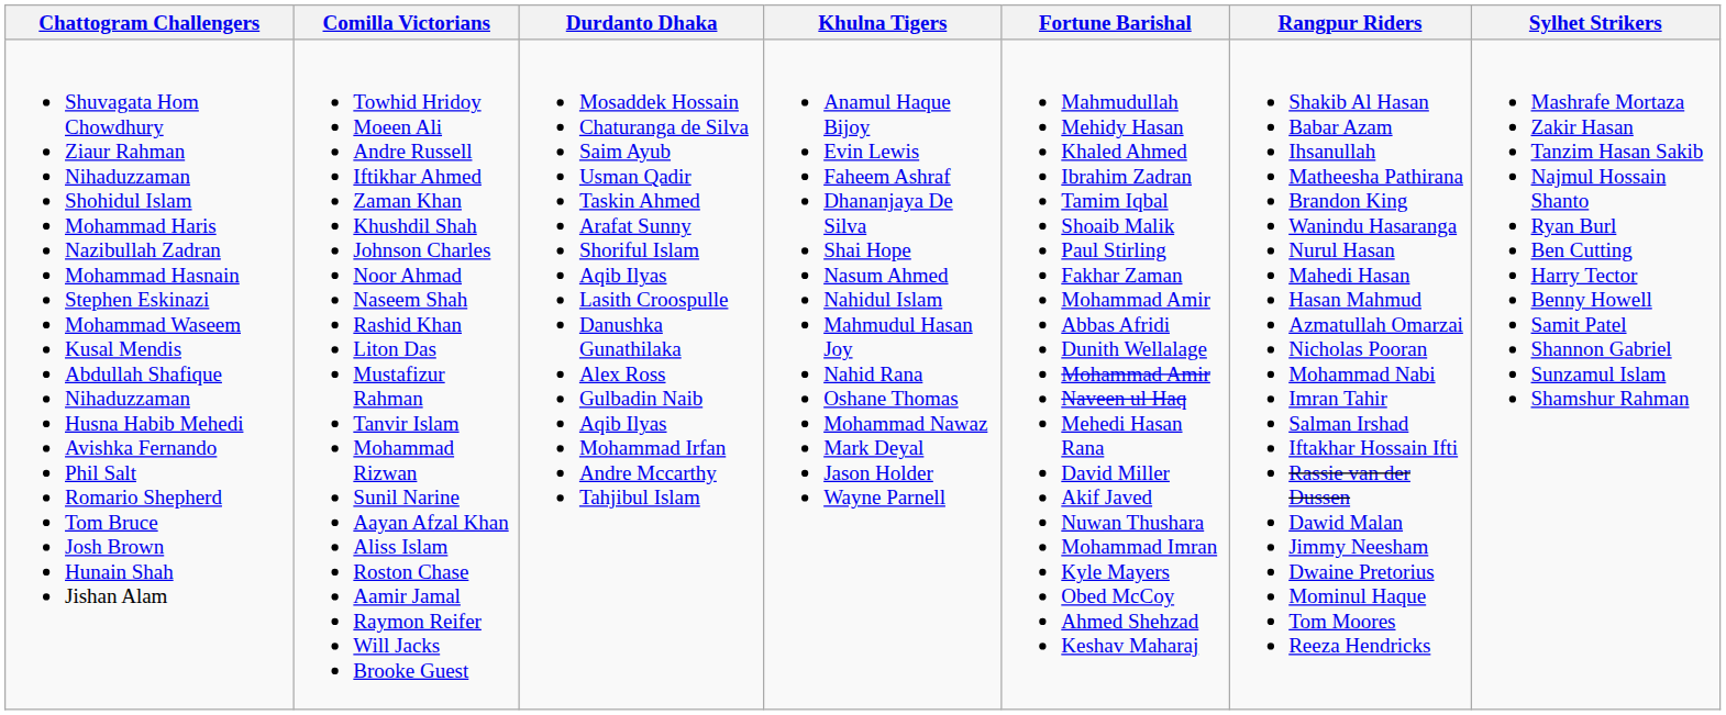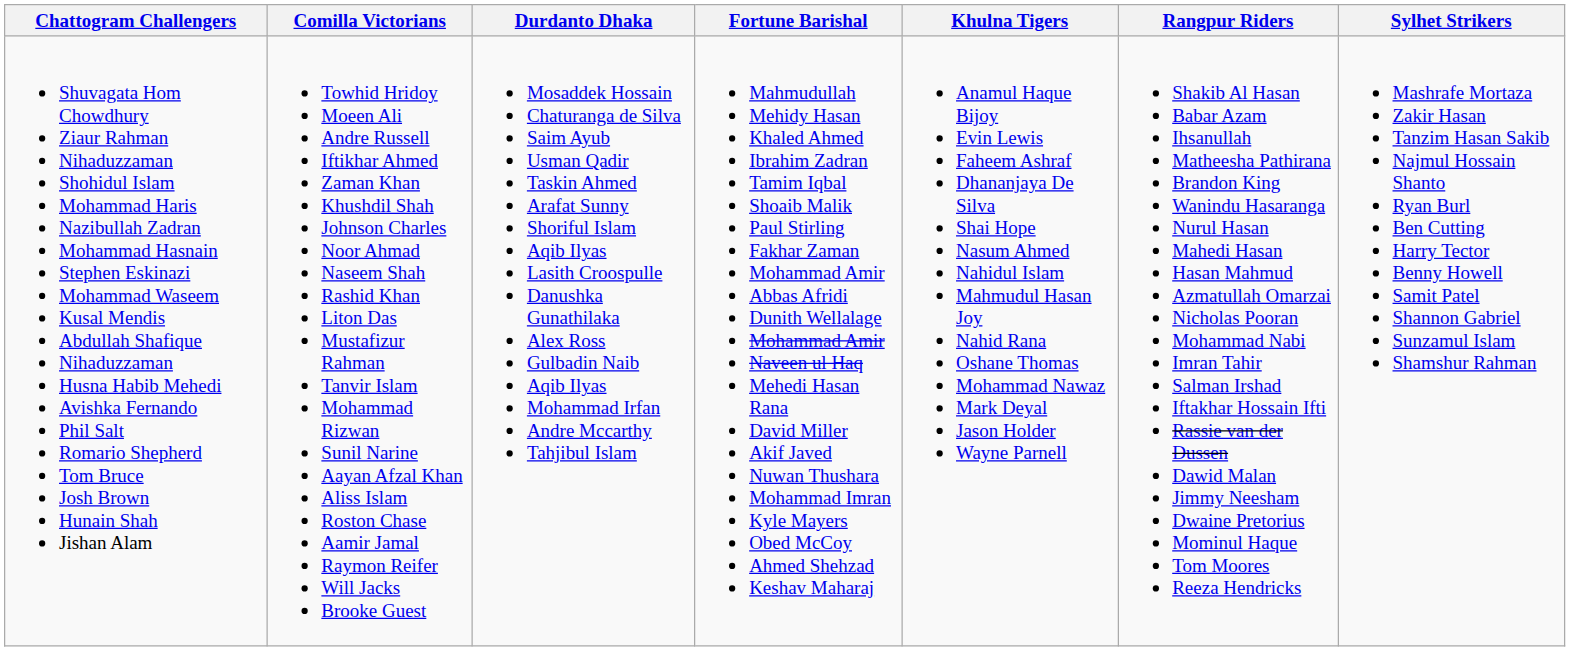 <table class="wikitable" Style="font-size:95%;">
 <tr>
 <th><a href='#'>Chattogram Challengers</a></th>
 <th><a href='#'>Comilla Victorians</a></th>
 <th><a href='#'>Durdanto Dhaka</a></th>
+<th><a href='#'>Fortune Barishal</a></th>
 <th><a href='#'>Khulna Tigers</a></th>
-<th><a href='#'>Fortune Barishal</a></th>
 <th><a href='#'>Rangpur Riders</a></th>
 <th><a href='#'>Sylhet Strikers</a></th>
 </tr>
 <tr>
 <td valign=top><br><ul><li><a href='#'>Shuvagata Hom Chowdhury </a></li><li><a href='#'>Ziaur Rahman</a></li><li><a href='#'>Nihaduzzaman</a></li><li><a href='#'>Shohidul Islam</a></li><li><a href='#'>Mohammad Haris</a></li><li><a href='#'>Nazibullah Zadran</a></li><li><a href='#'>Mohammad Hasnain</a></li><li><a href='#'>Stephen Eskinazi</a></li><li><a href='#'>Mohammad Waseem</a></li><li><a href='#'>Kusal Mendis</a></li><li><a href='#'>Abdullah Shafique</a></li><li><a href='#'>Nihaduzzaman</a></li><li><a href='#'>Husna Habib Mehedi</a></li><li><a href='#'>Avishka Fernando</a></li><li><a href='#'>Phil Salt</a></li><li><a href='#'>Romario Shepherd</a></li><li><a href='#'>Tom Bruce</a></li><li><a href='#'>Josh Brown</a></li><li><a href='#'>Hunain Shah</a></li><li>Jishan Alam</li></ul></td>
 <td valign=top><br><ul><li><a href='#'>Towhid Hridoy</a></li><li><a href='#'>Moeen Ali</a></li><li><a href='#'>Andre Russell</a></li><li><a href='#'>Iftikhar Ahmed</a></li><li><a href='#'>Zaman Khan</a></li><li><a href='#'>Khushdil Shah</a></li><li><a href='#'>Johnson Charles</a></li><li><a href='#'>Noor Ahmad</a></li><li><a href='#'>Naseem Shah</a></li><li><a href='#'>Rashid Khan</a></li><li><a href='#'>Liton Das</a></li><li><a href='#'>Mustafizur Rahman</a></li><li><a href='#'>Tanvir Islam</a></li><li><a href='#'>Mohammad Rizwan</a></li><li><a href='#'>Sunil Narine</a></li><li><a href='#'>Aayan Afzal Khan</a></li><li><a href='#'>Aliss Islam</a></li><li><a href='#'>Roston Chase</a></li><li><a href='#'>Aamir Jamal</a></li><li><a href='#'>Raymon Reifer</a></li><li><a href='#'>Will Jacks</a></li><li><a href='#'>Brooke Guest</a></li></ul></td>
 <td valign=top><br><ul><li><a href='#'>Mosaddek Hossain</a></li><li><a href='#'>Chaturanga de Silva</a></li><li><a href='#'>Saim Ayub</a></li><li><a href='#'>Usman Qadir</a></li><li><a href='#'>Taskin Ahmed</a></li><li><a href='#'>Arafat Sunny</a></li><li><a href='#'>Shoriful Islam</a></li><li><a href='#'>Aqib Ilyas</a></li><li><a href='#'>Lasith Croospulle</a></li><li><a href='#'>Danushka Gunathilaka</a></li><li><a href='#'>Alex Ross</a></li><li><a href='#'>Gulbadin Naib</a></li><li><a href='#'>Aqib Ilyas</a></li><li><a href='#'>Mohammad Irfan</a></li><li><a href='#'>Andre Mccarthy</a></li><li><a href='#'>Tahjibul Islam</a></li></ul></td>
+<td valign=top><br><ul><li><a href='#'>Mahmudullah</a></li><li><a href='#'>Mehidy Hasan</a></li><li><a href='#'>Khaled Ahmed</a></li><li><a href='#'>Ibrahim Zadran</a></li><li><a href='#'>Tamim Iqbal</a></li><li><a href='#'>Shoaib Malik</a></li><li><a href='#'>Paul Stirling</a></li><li><a href='#'>Fakhar Zaman</a></li><li><a href='#'>Mohammad Amir</a></li><li><a href='#'>Abbas Afridi</a></li><li><a href='#'>Dunith Wellalage</a></li><li><a href='#'><s>Mohammad Amir</s></a></li><li><a href='#'><s>Naveen ul Haq</s></a></li><li><a href='#'>Mehedi Hasan Rana</a></li><li><a href='#'>David Miller</a></li><li><a href='#'>Akif Javed</a></li><li><a href='#'>Nuwan Thushara</a></li><li><a href='#'>Mohammad Imran</a></li><li><a href='#'>Kyle Mayers</a></li><li><a href='#'>Obed McCoy</a></li><li><a href='#'>Ahmed Shehzad</a></li><li><a href='#'>Keshav Maharaj</a></li></ul></td>
 <td valign=top><br><ul><li><a href='#'>Anamul Haque Bijoy</a></li><li><a href='#'>Evin Lewis</a></li><li><a href='#'>Faheem Ashraf</a></li><li><a href='#'>Dhananjaya De Silva</a></li><li><a href='#'>Shai Hope</a></li><li><a href='#'>Nasum Ahmed</a></li><li><a href='#'>Nahidul Islam</a></li><li><a href='#'>Mahmudul Hasan Joy</a></li><li><a href='#'>Nahid Rana</a></li><li><a href='#'>Oshane Thomas</a></li><li><a href='#'>Mohammad Nawaz</a></li><li><a href='#'>Mark Deyal</a></li><li><a href='#'>Jason Holder</a></li><li><a href='#'>Wayne Parnell</a></li></ul></td>
-<td valign=top><br><ul><li><a href='#'>Mahmudullah</a></li><li><a href='#'>Mehidy Hasan</a></li><li><a href='#'>Khaled Ahmed</a></li><li><a href='#'>Ibrahim Zadran</a></li><li><a href='#'>Tamim Iqbal</a></li><li><a href='#'>Shoaib Malik</a></li><li><a href='#'>Paul Stirling</a></li><li><a href='#'>Fakhar Zaman</a></li><li><a href='#'>Mohammad Amir</a></li><li><a href='#'>Abbas Afridi</a></li><li><a href='#'>Dunith Wellalage</a></li><li><a href='#'><s>Mohammad Amir</s></a></li><li><a href='#'><s>Naveen ul Haq</s></a></li><li><a href='#'>Mehedi Hasan Rana</a></li><li><a href='#'>David Miller</a></li><li><a href='#'>Akif Javed</a></li><li><a href='#'>Nuwan Thushara</a></li><li><a href='#'>Mohammad Imran</a></li><li><a href='#'>Kyle Mayers</a></li><li><a href='#'>Obed McCoy</a></li><li><a href='#'>Ahmed Shehzad</a></li><li><a href='#'>Keshav Maharaj</a></li></ul></td>
 <td valign=top><br><ul><li><a href='#'>Shakib Al Hasan</a></li><li><a href='#'>Babar Azam</a></li><li><a href='#'>Ihsanullah</a></li><li><a href='#'>Matheesha Pathirana</a></li><li><a href='#'>Brandon King</a></li><li><a href='#'>Wanindu Hasaranga</a></li><li><a href='#'>Nurul Hasan</a></li><li><a href='#'>Mahedi Hasan</a></li><li><a href='#'>Hasan Mahmud</a></li><li><a href='#'>Azmatullah Omarzai</a></li><li><a href='#'>Nicholas Pooran</a></li><li><a href='#'>Mohammad Nabi</a></li><li><a href='#'>Imran Tahir</a></li><li><a href='#'>Salman Irshad</a></li><li><a href='#'>Iftakhar Hossain Ifti</a></li><li><s><a href='#'>Rassie van der Dussen</a></s></li><li><a href='#'>Dawid Malan</a></li><li><a href='#'>Jimmy Neesham</a></li><li><a href='#'>Dwaine Pretorius</a></li><li><a href='#'>Mominul Haque</a></li><li><a href='#'>Tom Moores</a></li><li><a href='#'>Reeza Hendricks</a></li></ul></td>
 <td valign=top><br><ul><li><a href='#'>Mashrafe Mortaza</a></li><li><a href='#'>Zakir Hasan</a></li><li><a href='#'>Tanzim Hasan Sakib</a></li><li><a href='#'>Najmul Hossain Shanto</a></li><li><a href='#'>Ryan Burl</a></li><li><a href='#'>Ben Cutting</a></li><li><a href='#'>Harry Tector</a></li><li><a href='#'>Benny Howell</a></li><li><a href='#'>Samit Patel</a></li><li><a href='#'>Shannon Gabriel</a></li><li><a href='#'>Sunzamul Islam</a></li><li><a href='#'>Shamshur Rahman</a></li></ul></td>
 </tr>
 </table>
